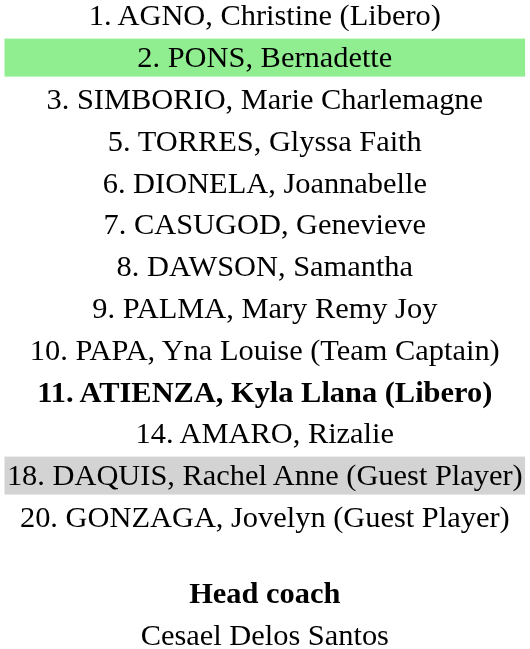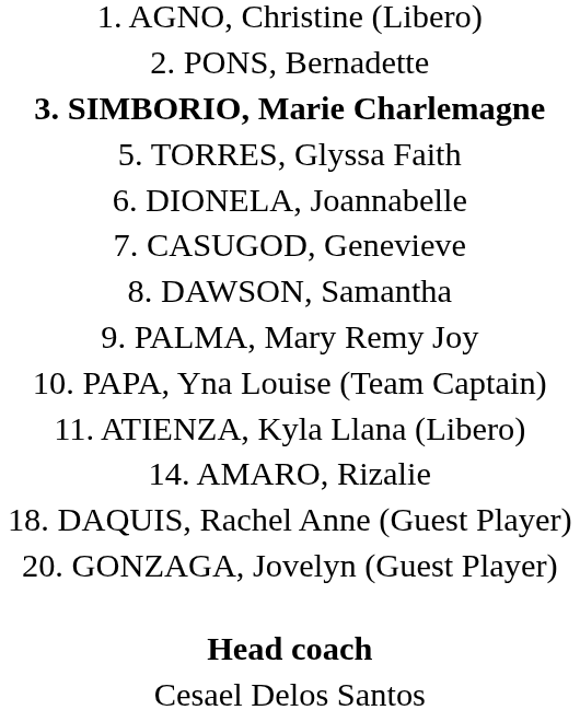 <table style="text-align: center; margin-top: 2em; margin-left: auto; margin-right: auto">
 <tr>
 <td>1. AGNO, Christine (Libero)</td>
 </tr>
 <tr>
-<td style="background: lightgreen;">2. PONS, Bernadette</td>
+<td>2. PONS, Bernadette</td>
 </tr>
 <tr>
-<td>3. SIMBORIO, Marie Charlemagne</td>
+<td><strong>3. SIMBORIO, Marie Charlemagne</strong></td>
 </tr>
 <tr>
 <td>5. TORRES, Glyssa Faith</td>
 </tr>
 <tr>
 <td>6. DIONELA, Joannabelle</td>
 </tr>
 <tr>
 <td>7. CASUGOD, Genevieve</td>
 </tr>
 <tr>
 <td>8. DAWSON, Samantha</td>
 </tr>
 <tr>
 <td>9. PALMA, Mary Remy Joy</td>
 </tr>
 <tr>
 <td>10. PAPA, Yna Louise (Team Captain)</td>
 </tr>
 <tr>
-<td><strong>11. ATIENZA, Kyla Llana (Libero)</strong></td>
+<td>11. ATIENZA, Kyla Llana (Libero)</td>
 </tr>
 <tr>
 <td>14. AMARO, Rizalie</td>
 </tr>
 <tr>
-<td style="background: lightgrey;">18. DAQUIS, Rachel Anne (Guest Player)</td>
+<td>18. DAQUIS, Rachel Anne (Guest Player)</td>
 </tr>
 <tr>
 <td>20. GONZAGA, Jovelyn (Guest Player)</td>
 </tr>
 <tr>
 <td><br><strong>Head coach</strong></td>
 </tr>
 <tr>
 <td>Cesael Delos Santos</td>
 </tr>
 </table>
